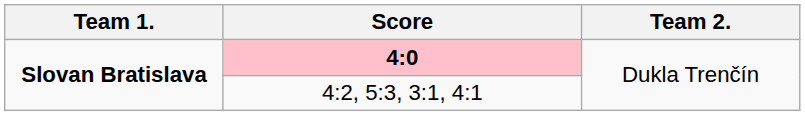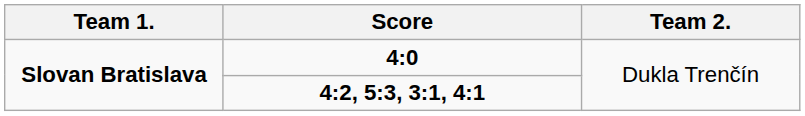 <table class="wikitable" style="text-align: center;">
 <tr>
 <th width="150"><strong>Team 1.</strong></th>
 <th width="250"><strong>Score</strong></th>
 <th width="150"><strong>Team 2.</strong></th>
 </tr>
 <tr>
 <td rowspan="2" valign="left"><strong>Slovan Bratislava</strong></td>
-<td style="background: pink;"><strong>4:0</strong></td>
+<td><strong>4:0</strong></td>
 <td rowspan="2" valign="left">Dukla Trenčín</td>
 </tr>
 <tr>
-<td>4:2, 5:3, 3:1, 4:1</td>
+<td><strong>4:2, 5:3, 3:1, 4:1</strong></td>
 </tr>
 </table>
